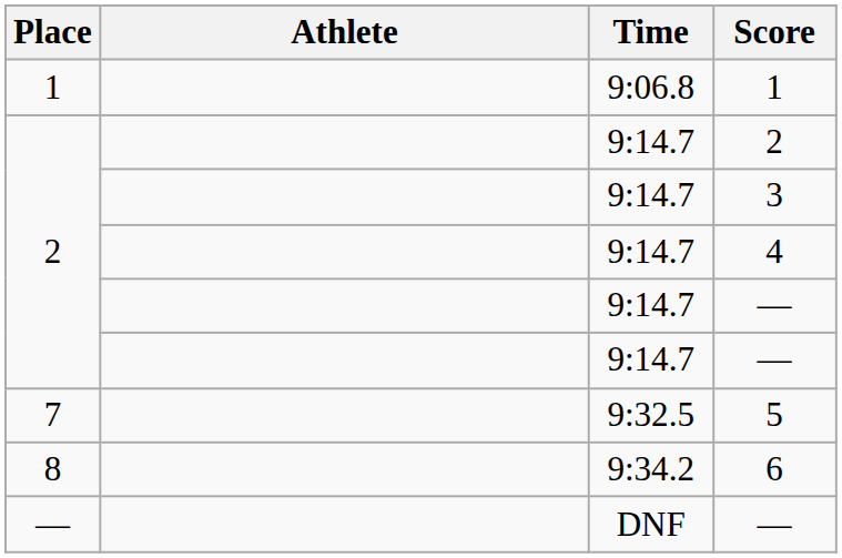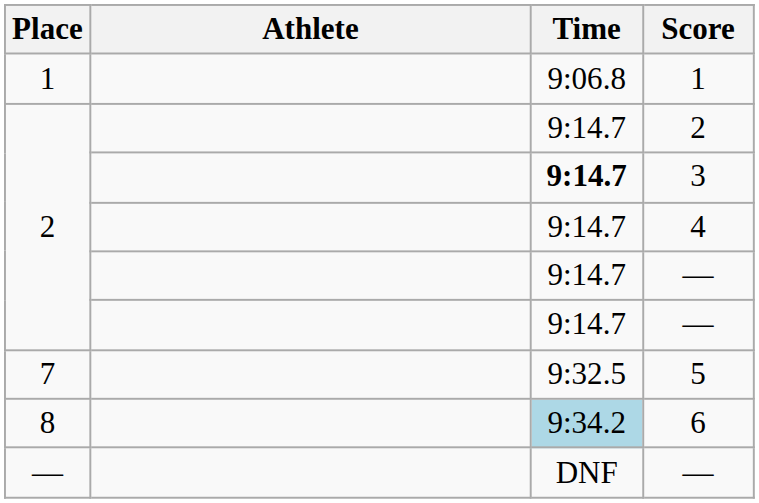 <table class=wikitable style="text-align:center">
 <tr>
 <th width=20>Place</th>
 <th width=220>Athlete</th>
 <th width=50>Time</th>
 <th width=50>Score</th>
 </tr>
 <tr>
 <td>1</td>
 <td align=left></td>
 <td>9:06.8</td>
 <td>1</td>
 </tr>
 <tr>
 <td rowspan=5>2</td>
 <td align=left></td>
 <td>9:14.7</td>
 <td>2</td>
 </tr>
 <tr>
 <td align=left></td>
-<td>9:14.7</td>
+<td><strong>9:14.7</strong></td>
 <td>3</td>
 </tr>
 <tr>
 <td align=left></td>
 <td>9:14.7</td>
 <td>4</td>
 </tr>
 <tr>
 <td align=left><em></em></td>
 <td>9:14.7</td>
 <td>—</td>
 </tr>
 <tr>
 <td align=left><em></em></td>
 <td>9:14.7</td>
 <td>—</td>
 </tr>
 <tr>
 <td>7</td>
 <td align=left></td>
 <td>9:32.5</td>
 <td>5</td>
 </tr>
 <tr>
 <td>8</td>
 <td align=left></td>
-<td>9:34.2</td>
+<td style="background: lightblue;">9:34.2</td>
 <td>6</td>
 </tr>
 <tr>
 <td>—</td>
 <td align=left><em></em></td>
 <td>DNF</td>
 <td>—</td>
 </tr>
 </table>
